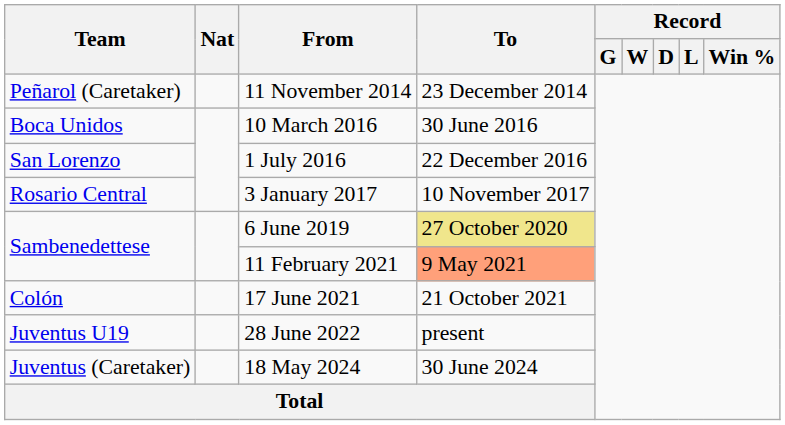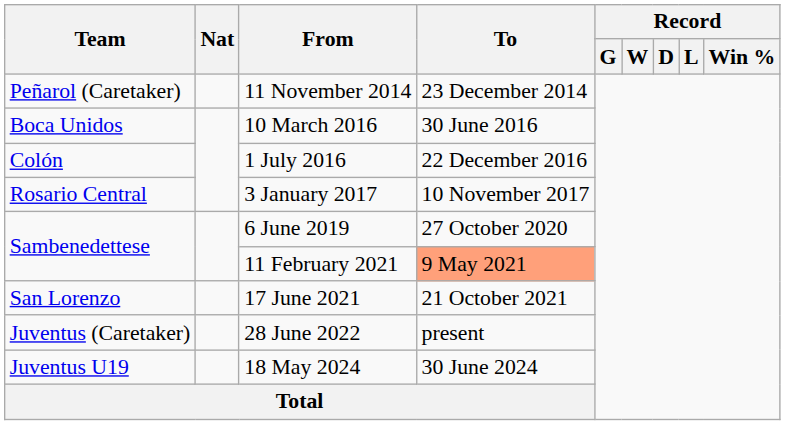 <table class="wikitable" style="text-align: center">
 <tr>
 <th rowspan="2">Team</th>
 <th rowspan="2">Nat</th>
 <th rowspan="2">From</th>
 <th rowspan="2">To</th>
 <th colspan="5">Record</th>
 </tr>
 <tr>
 <th>G</th>
 <th>W</th>
 <th>D</th>
 <th>L</th>
 <th>Win %</th>
 </tr>
 <tr>
 <td align=left><a href='#'>Peñarol</a> (Caretaker)</td>
 <td></td>
 <td align=left>11 November 2014</td>
 <td align=left>23 December 2014<br></td>
 </tr>
 <tr>
 <td align=left><a href='#'>Boca Unidos</a></td>
 <td rowspan="3"></td>
 <td align=left>10 March 2016</td>
 <td align=left>30 June 2016<br></td>
 </tr>
 <tr>
-<td align=left><a href='#'>San Lorenzo</a></td>
+<td align=left><a href='#'>Colón</a></td>
 <td align=left>1 July 2016</td>
 <td align=left>22 December 2016<br></td>
 </tr>
 <tr>
 <td align=left><a href='#'>Rosario Central</a></td>
 <td align=left>3 January 2017</td>
 <td align=left>10 November 2017<br></td>
 </tr>
 <tr>
 <td align=left rowspan="2"><a href='#'>Sambenedettese</a></td>
 <td rowspan="2"></td>
 <td align=left>6 June 2019</td>
-<td align=left style="background: khaki;">27 October 2020<br></td>
+<td align=left>27 October 2020<br></td>
 </tr>
 <tr>
 <td align=left>11 February 2021</td>
 <td align=left style="background: lightsalmon;">9 May 2021<br></td>
 </tr>
 <tr>
-<td align=left><a href='#'>Colón</a></td>
+<td align=left><a href='#'>San Lorenzo</a></td>
 <td></td>
 <td align=left>17 June 2021</td>
 <td align=left>21 October 2021<br></td>
 </tr>
 <tr>
-<td align=left><a href='#'>Juventus U19</a></td>
+<td align=left><a href='#'>Juventus</a> (Caretaker)</td>
 <td></td>
 <td align=left>28 June 2022</td>
 <td align=left>present<br></td>
 </tr>
 <tr>
-<td align=left><a href='#'>Juventus</a> (Caretaker)</td>
+<td align=left><a href='#'>Juventus U19</a></td>
 <td></td>
 <td align=left>18 May 2024</td>
 <td align=left>30 June 2024<br></td>
 </tr>
 <tr>
 <th colspan="4">Total<br></th>
 </tr>
 </table>
